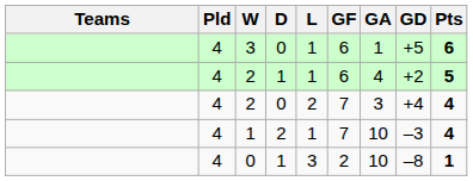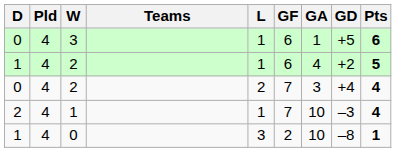 <table class="wikitable" style="text-align: center;">
 <tr>
-<th width=165>Teams</th>
+<th width=20>D</th>
 <th width=20>Pld</th>
 <th width=20>W</th>
-<th width=20>D</th>
+<th width=165>Teams</th>
 <th width=20>L</th>
 <th width=20>GF</th>
 <th width=20>GA</th>
 <th width=20>GD</th>
 <th width=20>Pts</th>
 </tr>
 <tr align=center style="background:#ccffcc;">
-<td style="text-align:left;"></td>
+<td>0</td>
 <td>4</td>
 <td>3</td>
-<td>0</td>
+<td style="text-align:left;"></td>
 <td>1</td>
 <td>6</td>
 <td>1</td>
 <td>+5</td>
 <td><strong>6</strong></td>
 </tr>
 <tr align=center style="background:#ccffcc;">
-<td style="text-align:left;"></td>
+<td>1</td>
 <td>4</td>
 <td>2</td>
-<td>1</td>
+<td style="text-align:left;"></td>
 <td>1</td>
 <td>6</td>
 <td>4</td>
 <td>+2</td>
 <td><strong>5</strong></td>
 </tr>
 <tr align=center>
-<td style="text-align:left;"></td>
+<td>0</td>
 <td>4</td>
 <td>2</td>
-<td>0</td>
+<td style="text-align:left;"></td>
 <td>2</td>
 <td>7</td>
 <td>3</td>
 <td>+4</td>
 <td><strong>4</strong></td>
 </tr>
 <tr align=center>
-<td style="text-align:left;"></td>
+<td>2</td>
 <td>4</td>
 <td>1</td>
-<td>2</td>
+<td style="text-align:left;"></td>
 <td>1</td>
 <td>7</td>
 <td>10</td>
 <td>–3</td>
 <td><strong>4</strong></td>
 </tr>
 <tr align=center>
-<td style="text-align:left;"></td>
+<td>1</td>
 <td>4</td>
 <td>0</td>
-<td>1</td>
+<td style="text-align:left;"></td>
 <td>3</td>
 <td>2</td>
 <td>10</td>
 <td>–8</td>
 <td><strong>1</strong></td>
 </tr>
 </table>
